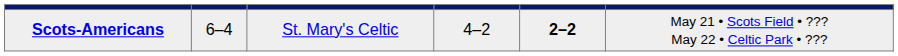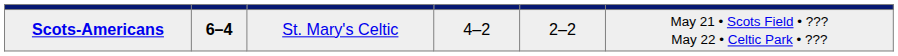 <table style=border-collapse:collapse border=1 cellspacing=0 cellpadding=2>
 <tr align=center bgcolor=#071871>
 <th width=180></th>
 <th width=50></th>
 <th width=180></th>
 <th width=80></th>
 <th width=80></th>
 <td width=280></td>
 </tr>
 <tr align=center bgcolor=#efefef>
 <td align=center><strong><a href='#'>Scots-Americans</a></strong></td>
-<td>6–4</td>
+<td><strong>6–4</strong></td>
 <td align=center><a href='#'>St. Mary's Celtic</a></td>
 <td>4–2</td>
-<td><strong>2–2</strong></td>
+<td>2–2</td>
 <td><small>May 21 •  <a href='#'>Scots Field</a> • ???<br>May 22 • <a href='#'>Celtic Park</a> • ???</small></td>
 </tr>
 </table>
